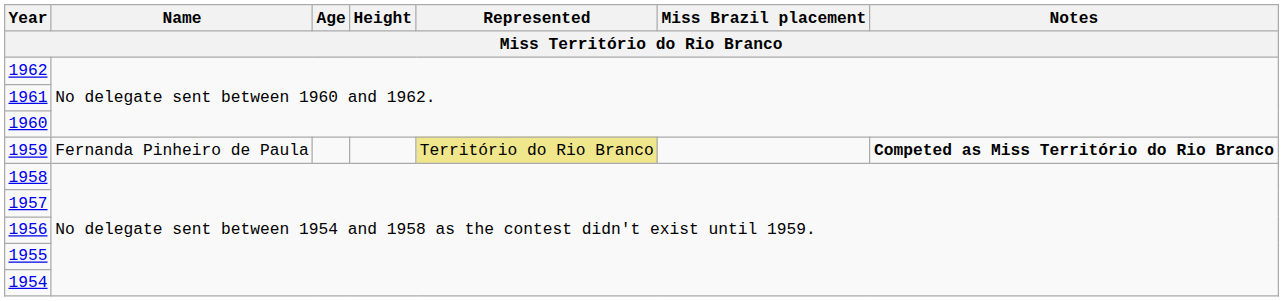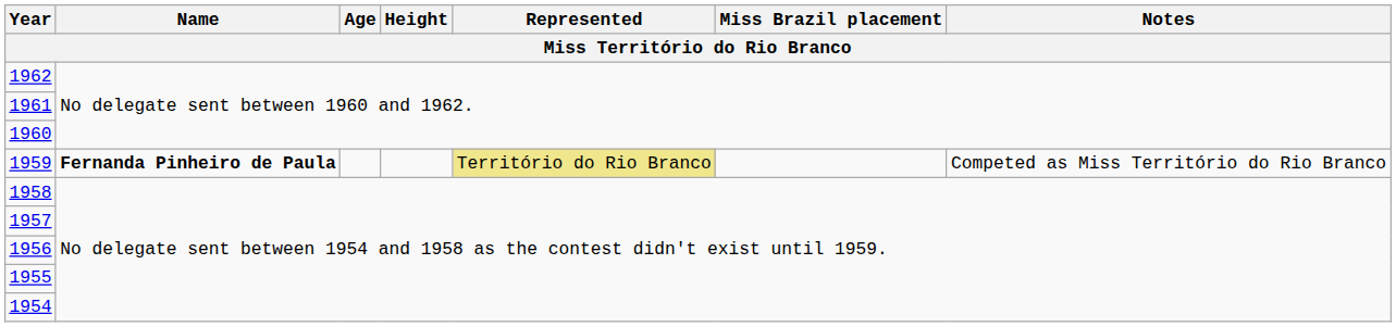 <table class="wikitable sortable">
 <tr>
 <th>Year</th>
 <th>Name</th>
 <th>Age</th>
 <th>Height</th>
 <th>Represented</th>
 <th>Miss Brazil placement</th>
 <th>Notes</th>
 </tr>
 <tr>
 <th colspan=7>Miss Território do Rio Branco</th>
 </tr>
 <tr>
 <td><a href='#'>1962</a></td>
 <td colspan=6 rowspan=3>No delegate sent between 1960 and 1962.</td>
 </tr>
 <tr>
 <td><a href='#'>1961</a></td>
 </tr>
 <tr>
 <td><a href='#'>1960</a></td>
 </tr>
 <tr>
 <td><a href='#'>1959</a></td>
-<td>Fernanda Pinheiro de Paula</td>
+<td><strong>Fernanda Pinheiro de Paula</strong></td>
 <td></td>
 <td></td>
 <td style="background: khaki;">Território do Rio Branco</td>
 <td></td>
-<td><strong>Competed as Miss Território do Rio Branco</strong></td>
+<td>Competed as Miss Território do Rio Branco</td>
 </tr>
 <tr>
 <td><a href='#'>1958</a></td>
 <td colspan=6 rowspan=5>No delegate sent between 1954 and 1958 as the contest didn't exist until 1959.</td>
 </tr>
 <tr>
 <td><a href='#'>1957</a></td>
 </tr>
 <tr>
 <td><a href='#'>1956</a></td>
 </tr>
 <tr>
 <td><a href='#'>1955</a></td>
 </tr>
 <tr>
 <td><a href='#'>1954</a></td>
 </tr>
 </table>
